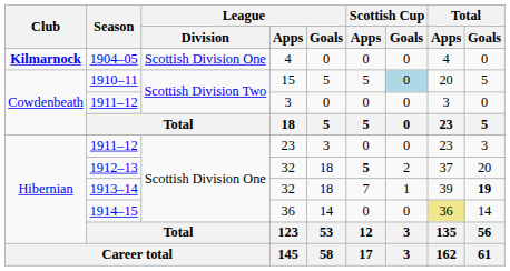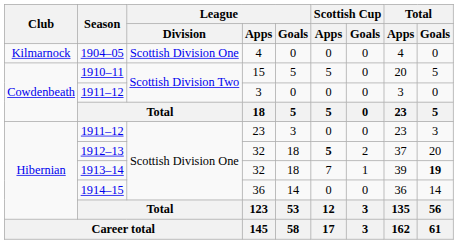 <table class="wikitable" style="text-align: center;">
 <tr>
 <th rowspan="2">Club</th>
 <th rowspan="2">Season</th>
 <th colspan="3">League</th>
 <th colspan="2">Scottish Cup</th>
 <th colspan="2">Total</th>
 </tr>
 <tr>
 <th>Division</th>
 <th>Apps</th>
 <th>Goals</th>
 <th>Apps</th>
 <th>Goals</th>
 <th>Apps</th>
 <th>Goals</th>
 </tr>
 <tr>
-<td><strong><a href='#'>Kilmarnock</a></strong></td>
+<td><a href='#'>Kilmarnock</a></td>
 <td><a href='#'>1904–05</a></td>
 <td><a href='#'>Scottish Division One</a></td>
 <td>4</td>
 <td>0</td>
 <td>0</td>
 <td>0</td>
 <td>4</td>
 <td>0</td>
 </tr>
 <tr>
 <td rowspan="3"><a href='#'>Cowdenbeath</a></td>
 <td><a href='#'>1910–11</a></td>
 <td rowspan="2"><a href='#'>Scottish Division Two</a></td>
 <td>15</td>
 <td>5</td>
 <td>5</td>
-<td style="background: lightblue;">0</td>
+<td>0</td>
 <td>20</td>
 <td>5</td>
 </tr>
 <tr>
 <td><a href='#'>1911–12</a></td>
 <td>3</td>
 <td>0</td>
 <td>0</td>
 <td>0</td>
 <td>3</td>
 <td>0</td>
 </tr>
 <tr>
 <th colspan="2">Total</th>
 <th>18</th>
 <th>5</th>
 <th>5</th>
 <th>0</th>
 <th>23</th>
 <th>5</th>
 </tr>
 <tr>
 <td rowspan="5"><a href='#'>Hibernian</a></td>
 <td><a href='#'>1911–12</a></td>
 <td rowspan="4">Scottish Division One</td>
 <td>23</td>
 <td>3</td>
 <td>0</td>
 <td>0</td>
 <td>23</td>
 <td>3</td>
 </tr>
 <tr>
 <td><a href='#'>1912–13</a></td>
 <td>32</td>
 <td>18</td>
 <td><strong>5</strong></td>
 <td>2</td>
 <td>37</td>
 <td>20</td>
 </tr>
 <tr>
 <td><a href='#'>1913–14</a></td>
 <td>32</td>
 <td>18</td>
 <td>7</td>
 <td>1</td>
 <td>39</td>
 <td><strong>19</strong></td>
 </tr>
 <tr>
 <td><a href='#'>1914–15</a></td>
 <td>36</td>
 <td>14</td>
 <td>0</td>
 <td>0</td>
-<td style="background: khaki;">36</td>
+<td>36</td>
 <td>14</td>
 </tr>
 <tr>
 <th colspan="2">Total</th>
 <th>123</th>
 <th>53</th>
 <th>12</th>
 <th>3</th>
 <th>135</th>
 <th>56</th>
 </tr>
 <tr>
 <th colspan="3">Career total</th>
 <th>145</th>
 <th>58</th>
 <th>17</th>
 <th>3</th>
 <th>162</th>
 <th>61</th>
 </tr>
 </table>
